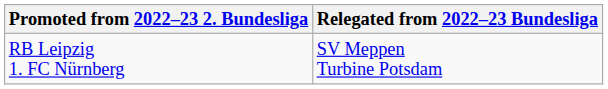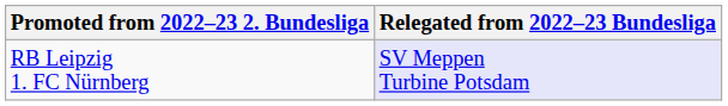 <table class="wikitable">
 <tr>
 <th>Promoted from <a href='#'>2022–23 2. Bundesliga</a></th>
 <th>Relegated from <a href='#'>2022–23 Bundesliga</a></th>
 </tr>
 <tr>
 <td><a href='#'>RB Leipzig</a><br><a href='#'>1. FC Nürnberg</a></td>
-<td><a href='#'>SV Meppen</a><br><a href='#'>Turbine Potsdam</a></td>
+<td style="background: lavender;"><a href='#'>SV Meppen</a><br><a href='#'>Turbine Potsdam</a></td>
 </tr>
 </table>
